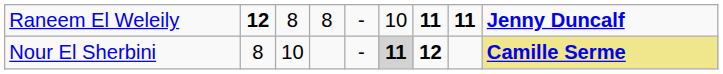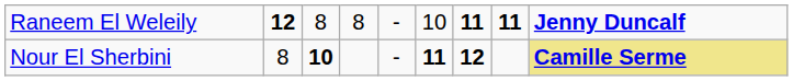 <table class="wikitable">
 <tr>
 <td width=180> <a href='#'>Raneem El Weleily</a></td>
 <td style="width:20px; text-align:center;"><strong>12</strong></td>
 <td style="width:20px; text-align:center;">8</td>
 <td style="width:20px; text-align:center;">8</td>
 <td style="width:20px; text-align:center;">-</td>
 <td style="width:20px; text-align:center;">10</td>
 <td style="width:20px; text-align:center;"><strong>11</strong></td>
 <td style="width:20px; text-align:center;"><strong>11</strong></td>
 <td width=180> <strong><a href='#'>Jenny Duncalf</a></strong></td>
 </tr>
 <tr>
 <td> <a href='#'>Nour El Sherbini</a></td>
 <td style="text-align:center;">8</td>
-<td style="text-align:center;">10</td>
+<td style="text-align:center;"><strong>10</strong></td>
 <td style="text-align:center;"></td>
 <td style="text-align:center;">-</td>
-<td style="background: lightgrey; text-align:center;"><strong>11</strong></td>
+<td style="text-align:center;"><strong>11</strong></td>
 <td style="text-align:center;"><strong>12</strong></td>
 <td style="text-align:center;"></td>
 <td style="background: khaki;"> <strong><a href='#'>Camille Serme</a></strong></td>
 </tr>
 </table>
